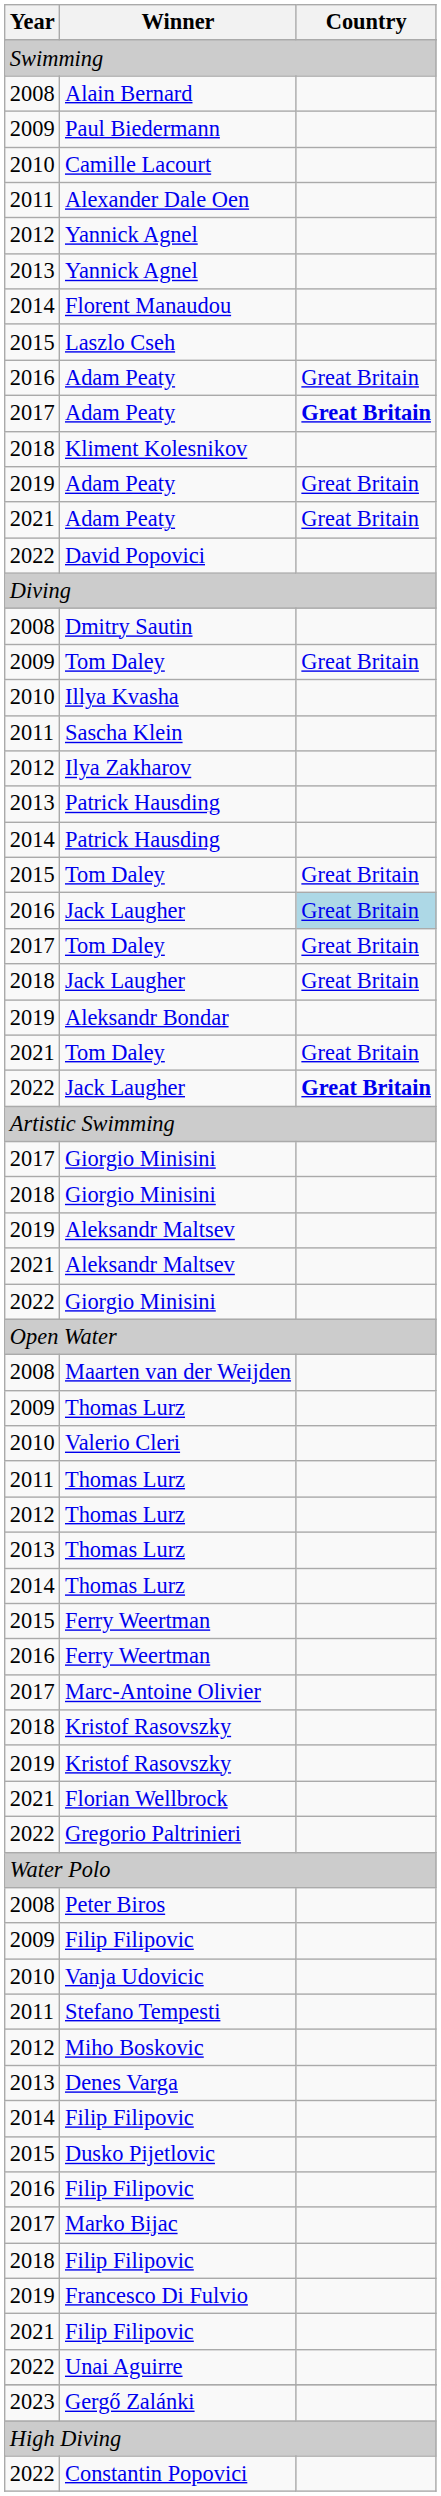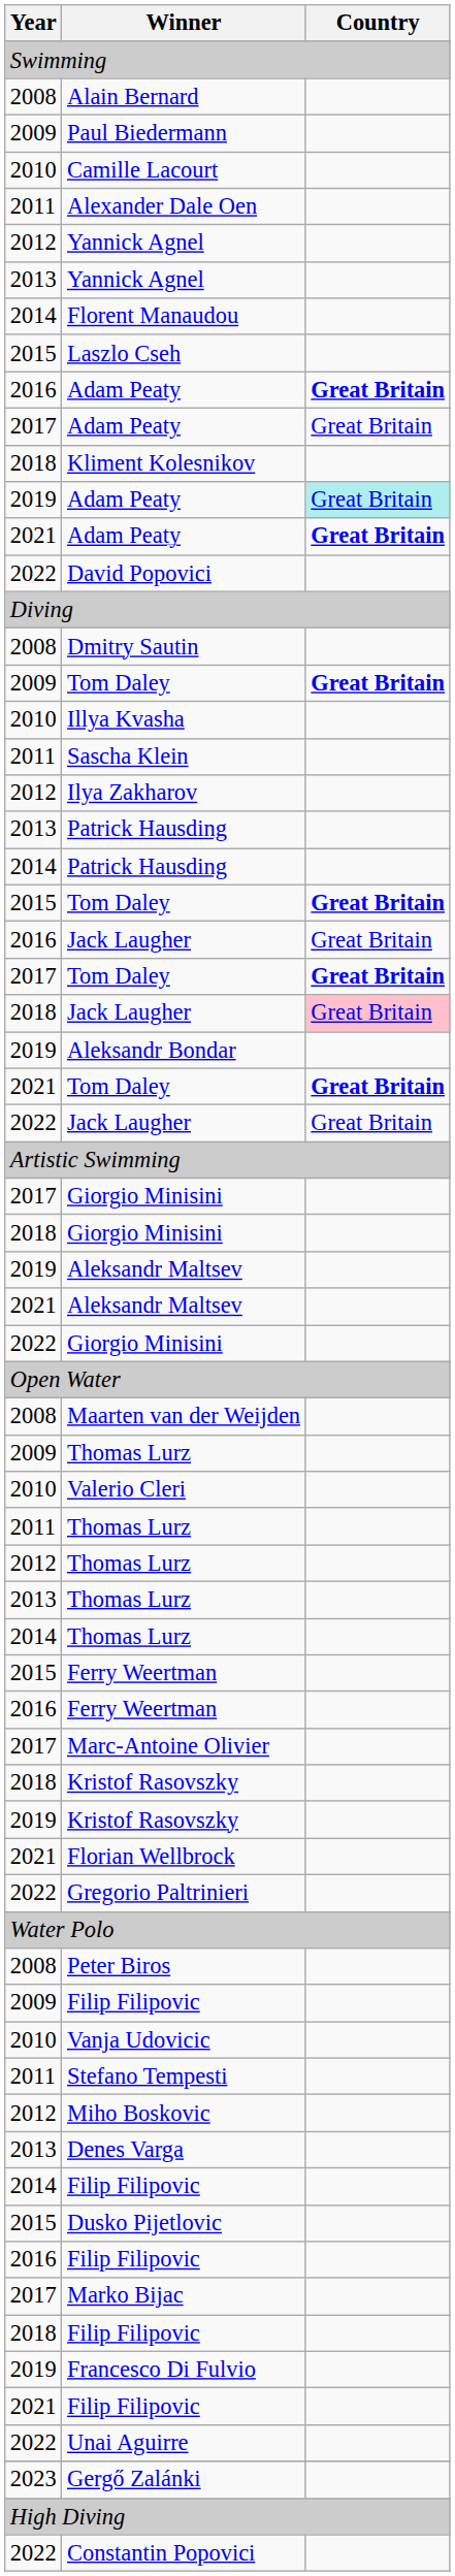 <table class="wikitable sortable">
 <tr>
 <th>Year</th>
 <th>Winner</th>
 <th>Country</th>
 </tr>
 <tr>
 </tr>
 <tr bgcolor="#cccccc">
 <td colspan=7><em>Swimming</em></td>
 </tr>
 <tr>
 <td>2008</td>
 <td><a href='#'>Alain Bernard</a></td>
 <td></td>
 </tr>
 <tr>
 <td>2009</td>
 <td><a href='#'>Paul Biedermann</a></td>
 <td></td>
 </tr>
 <tr>
 <td>2010</td>
 <td><a href='#'>Camille Lacourt</a></td>
 <td></td>
 </tr>
 <tr>
 <td>2011</td>
 <td><a href='#'>Alexander Dale Oen</a></td>
 <td></td>
 </tr>
 <tr>
 <td>2012</td>
 <td><a href='#'>Yannick Agnel</a></td>
 <td></td>
 </tr>
 <tr>
 <td>2013</td>
 <td><a href='#'>Yannick Agnel</a></td>
 <td></td>
 </tr>
 <tr>
 <td>2014</td>
 <td><a href='#'>Florent Manaudou</a></td>
 <td></td>
 </tr>
 <tr>
 <td>2015</td>
 <td><a href='#'>Laszlo Cseh</a></td>
 <td></td>
 </tr>
 <tr>
 <td>2016</td>
 <td><a href='#'>Adam Peaty</a></td>
-<td> <a href='#'>Great Britain</a></td>
+<td><strong> <a href='#'>Great Britain</a></strong></td>
 </tr>
 <tr>
 <td>2017</td>
 <td><a href='#'>Adam Peaty</a></td>
-<td><strong> <a href='#'>Great Britain</a></strong></td>
+<td> <a href='#'>Great Britain</a></td>
 </tr>
 <tr>
 <td>2018</td>
 <td><a href='#'>Kliment Kolesnikov</a></td>
 <td></td>
 </tr>
 <tr>
 <td>2019</td>
 <td><a href='#'>Adam Peaty</a></td>
-<td> <a href='#'>Great Britain</a></td>
+<td style="background: paleturquoise;"> <a href='#'>Great Britain</a></td>
 </tr>
 <tr>
 <td>2021</td>
 <td><a href='#'>Adam Peaty</a></td>
-<td> <a href='#'>Great Britain</a></td>
+<td><strong> <a href='#'>Great Britain</a></strong></td>
 </tr>
 <tr>
 <td>2022</td>
 <td><a href='#'>David Popovici</a></td>
 <td></td>
 </tr>
 <tr bgcolor="#cccccc">
 <td colspan=7><em>Diving</em></td>
 </tr>
 <tr>
 <td>2008</td>
 <td><a href='#'>Dmitry Sautin</a></td>
 <td></td>
 </tr>
 <tr>
 <td>2009</td>
 <td><a href='#'>Tom Daley</a></td>
-<td> <a href='#'>Great Britain</a></td>
+<td><strong> <a href='#'>Great Britain</a></strong></td>
 </tr>
 <tr>
 <td>2010</td>
 <td><a href='#'>Illya Kvasha</a></td>
 <td></td>
 </tr>
 <tr>
 <td>2011</td>
 <td><a href='#'>Sascha Klein</a></td>
 <td></td>
 </tr>
 <tr>
 <td>2012</td>
 <td><a href='#'>Ilya Zakharov</a></td>
 <td></td>
 </tr>
 <tr>
 <td>2013</td>
 <td><a href='#'>Patrick Hausding</a></td>
 <td></td>
 </tr>
 <tr>
 <td>2014</td>
 <td><a href='#'>Patrick Hausding</a></td>
 <td></td>
 </tr>
 <tr>
 <td>2015</td>
 <td><a href='#'>Tom Daley</a></td>
-<td> <a href='#'>Great Britain</a></td>
+<td><strong> <a href='#'>Great Britain</a></strong></td>
 </tr>
 <tr>
 <td>2016</td>
 <td><a href='#'>Jack Laugher</a></td>
-<td style="background: lightblue;"> <a href='#'>Great Britain</a></td>
+<td> <a href='#'>Great Britain</a></td>
 </tr>
 <tr>
 <td>2017</td>
 <td><a href='#'>Tom Daley</a></td>
-<td> <a href='#'>Great Britain</a></td>
+<td><strong> <a href='#'>Great Britain</a></strong></td>
 </tr>
 <tr>
 <td>2018</td>
 <td><a href='#'>Jack Laugher</a></td>
-<td> <a href='#'>Great Britain</a></td>
+<td style="background: pink;"> <a href='#'>Great Britain</a></td>
 </tr>
 <tr>
 <td>2019</td>
 <td><a href='#'>Aleksandr Bondar</a></td>
 <td></td>
 </tr>
 <tr>
 <td>2021</td>
 <td><a href='#'>Tom Daley</a></td>
-<td> <a href='#'>Great Britain</a></td>
+<td><strong> <a href='#'>Great Britain</a></strong></td>
 </tr>
 <tr>
 <td>2022</td>
 <td><a href='#'>Jack Laugher</a></td>
-<td><strong> <a href='#'>Great Britain</a></strong></td>
+<td> <a href='#'>Great Britain</a></td>
 </tr>
 <tr bgcolor="#cccccc">
 <td colspan=7><em>Artistic Swimming</em></td>
 </tr>
 <tr>
 <td>2017</td>
 <td><a href='#'>Giorgio Minisini</a></td>
 <td></td>
 </tr>
 <tr>
 <td>2018</td>
 <td><a href='#'>Giorgio Minisini</a></td>
 <td></td>
 </tr>
 <tr>
 <td>2019</td>
 <td><a href='#'>Aleksandr Maltsev</a></td>
 <td></td>
 </tr>
 <tr>
 <td>2021</td>
 <td><a href='#'>Aleksandr Maltsev</a></td>
 <td></td>
 </tr>
 <tr>
 <td>2022</td>
 <td><a href='#'>Giorgio Minisini</a></td>
 <td></td>
 </tr>
 <tr bgcolor="#cccccc">
 <td colspan=7><em>Open Water</em></td>
 </tr>
 <tr>
 <td>2008</td>
 <td><a href='#'>Maarten van der Weijden</a></td>
 <td></td>
 </tr>
 <tr>
 <td>2009</td>
 <td><a href='#'>Thomas Lurz</a></td>
 <td></td>
 </tr>
 <tr>
 <td>2010</td>
 <td><a href='#'>Valerio Cleri</a></td>
 <td></td>
 </tr>
 <tr>
 <td>2011</td>
 <td><a href='#'>Thomas Lurz</a></td>
 <td></td>
 </tr>
 <tr>
 <td>2012</td>
 <td><a href='#'>Thomas Lurz</a></td>
 <td></td>
 </tr>
 <tr>
 <td>2013</td>
 <td><a href='#'>Thomas Lurz</a></td>
 <td></td>
 </tr>
 <tr>
 <td>2014</td>
 <td><a href='#'>Thomas Lurz</a></td>
 <td></td>
 </tr>
 <tr>
 <td>2015</td>
 <td><a href='#'>Ferry Weertman</a></td>
 <td></td>
 </tr>
 <tr>
 <td>2016</td>
 <td><a href='#'>Ferry Weertman</a></td>
 <td></td>
 </tr>
 <tr>
 <td>2017</td>
 <td><a href='#'>Marc-Antoine Olivier</a></td>
 <td></td>
 </tr>
 <tr>
 <td>2018</td>
 <td><a href='#'>Kristof Rasovszky</a></td>
 <td></td>
 </tr>
 <tr>
 <td>2019</td>
 <td><a href='#'>Kristof Rasovszky</a></td>
 <td></td>
 </tr>
 <tr>
 <td>2021</td>
 <td><a href='#'>Florian Wellbrock</a></td>
 <td></td>
 </tr>
 <tr>
 <td>2022</td>
 <td><a href='#'>Gregorio Paltrinieri</a></td>
 <td></td>
 </tr>
 <tr bgcolor="#cccccc">
 <td colspan=7><em>Water Polo</em></td>
 </tr>
 <tr>
 <td>2008</td>
 <td><a href='#'>Peter Biros</a></td>
 <td></td>
 </tr>
 <tr>
 <td>2009</td>
 <td><a href='#'>Filip Filipovic</a></td>
 <td></td>
 </tr>
 <tr>
 <td>2010</td>
 <td><a href='#'>Vanja Udovicic</a></td>
 <td></td>
 </tr>
 <tr>
 <td>2011</td>
 <td><a href='#'>Stefano Tempesti</a></td>
 <td></td>
 </tr>
 <tr>
 <td>2012</td>
 <td><a href='#'>Miho Boskovic</a></td>
 <td></td>
 </tr>
 <tr>
 <td>2013</td>
 <td><a href='#'>Denes Varga</a></td>
 <td></td>
 </tr>
 <tr>
 <td>2014</td>
 <td><a href='#'>Filip Filipovic</a></td>
 <td></td>
 </tr>
 <tr>
 <td>2015</td>
 <td><a href='#'>Dusko Pijetlovic</a></td>
 <td></td>
 </tr>
 <tr>
 <td>2016</td>
 <td><a href='#'>Filip Filipovic</a></td>
 <td></td>
 </tr>
 <tr>
 <td>2017</td>
 <td><a href='#'>Marko Bijac</a></td>
 <td></td>
 </tr>
 <tr>
 <td>2018</td>
 <td><a href='#'>Filip Filipovic</a></td>
 <td></td>
 </tr>
 <tr>
 <td>2019</td>
 <td><a href='#'>Francesco Di Fulvio</a></td>
 <td></td>
 </tr>
 <tr>
 <td>2021</td>
 <td><a href='#'>Filip Filipovic</a></td>
 <td></td>
 </tr>
 <tr>
 <td>2022</td>
 <td><a href='#'>Unai Aguirre</a></td>
 <td></td>
 </tr>
 <tr bgcolor="#cccccc">
 </tr>
 <tr>
 <td>2023</td>
 <td><a href='#'>Gergő Zalánki</a></td>
 <td></td>
 </tr>
 <tr bgcolor="#cccccc">
 <td colspan=7><em>High Diving</em></td>
 </tr>
 <tr>
 <td>2022</td>
 <td><a href='#'>Constantin Popovici </a></td>
 <td></td>
 </tr>
 </table>
